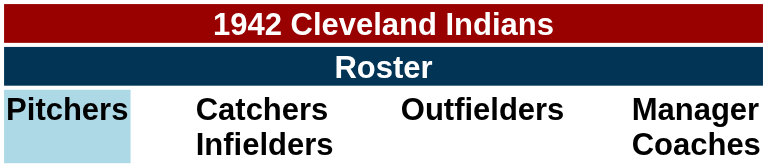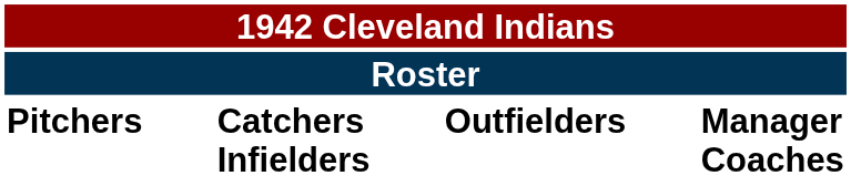 <table class="toccolours" style="font-size: 95%;">
 <tr>
 <th colspan="10" style="background-color: #990000; color: white; text-align: center;">1942 Cleveland Indians</th>
 </tr>
 <tr>
 <td colspan="10" style="background-color: #023456; color: white; text-align: center;"><strong>Roster</strong></td>
 </tr>
 <tr>
-<td valign="top" style="background: lightblue;"><strong>Pitchers</strong><br>                </td>
+<td valign="top"><strong>Pitchers</strong><br>                </td>
 <td width="25px"></td>
 <td valign="top"><strong>Catchers</strong><br>    <strong>Infielders</strong>         </td>
 <td width="25px"></td>
 <td valign="top"><strong>Outfielders</strong><br>     </td>
 <td width="25px"></td>
 <td valign="top"><strong>Manager</strong><br> <strong>Coaches</strong>   </td>
 </tr>
 </table>
